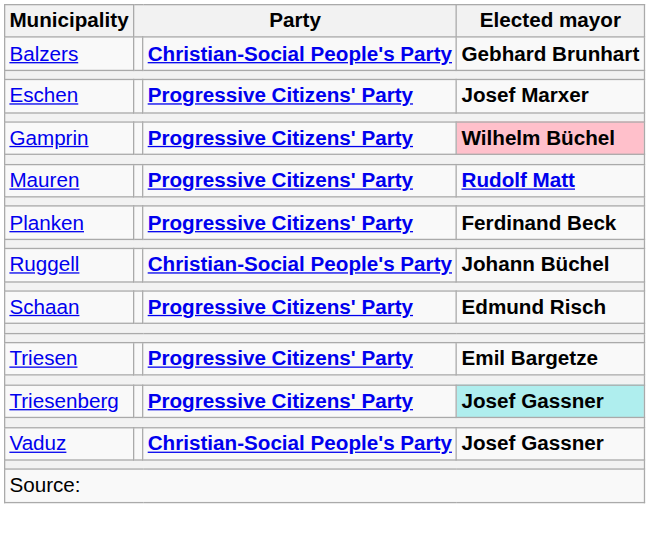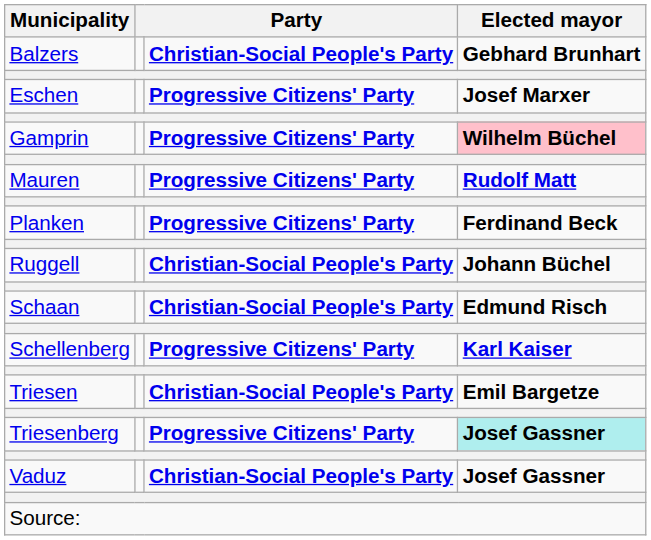 <table class="wikitable" style="text-align:right">
 <tr>
 <th>Municipality</th>
 <th colspan="2">Party</th>
 <th>Elected mayor</th>
 </tr>
 <tr>
 <td align="left"><a href='#'>Balzers</a></td>
 <td style="color:inherit;background:"></td>
 <td align="left"><a href='#'><strong>Christian-Social People's Party</strong></a></td>
 <td align="left"><strong>Gebhard Brunhart</strong></td>
 </tr>
 <tr>
 <th colspan="4"></th>
 </tr>
 <tr>
 <td align="left"><a href='#'>Eschen</a></td>
 <td style="color:inherit;background:"></td>
 <td align="left"><strong><a href='#'>Progressive Citizens' Party</a></strong></td>
 <td align="left"><strong>Josef Marxer</strong></td>
 </tr>
 <tr>
 <th colspan="4"></th>
 </tr>
 <tr>
 <td align="left"><a href='#'>Gamprin</a></td>
 <td style="color:inherit;background:"></td>
 <td align="left"><strong><a href='#'>Progressive Citizens' Party</a></strong></td>
 <td align="left" style="background: pink;"><strong>Wilhelm Büchel</strong></td>
 </tr>
 <tr>
 <th colspan="4"></th>
 </tr>
 <tr>
 <td align="left"><a href='#'>Mauren</a></td>
 <td style="color:inherit;background:"></td>
 <td align="left"><strong><a href='#'>Progressive Citizens' Party</a></strong></td>
 <td align="left"><strong><a href='#'>Rudolf Matt</a></strong></td>
 </tr>
 <tr>
 <th colspan="4"></th>
 </tr>
 <tr>
 <td align="left"><a href='#'>Planken</a></td>
 <td style="color:inherit;background:"></td>
 <td align="left"><strong><a href='#'>Progressive Citizens' Party</a></strong></td>
 <td align="left"><strong>Ferdinand Beck</strong></td>
 </tr>
 <tr>
 <th colspan="4"></th>
 </tr>
 <tr>
 <td align="left"><a href='#'>Ruggell</a></td>
 <td style="color:inherit;background:"></td>
 <td align="left"><a href='#'><strong>Christian-Social People's Party</strong></a></td>
 <td align="left"><strong>Johann Büchel</strong></td>
 </tr>
 <tr>
 <th colspan="4"></th>
 </tr>
 <tr>
 <td align="left"><a href='#'>Schaan</a></td>
 <td style="color:inherit;background:"></td>
-<td align="left"><strong><a href='#'>Progressive Citizens' Party</a></strong></td>
+<td align="left"><a href='#'><strong>Christian-Social People's Party</strong></a></td>
 <td align="left"><strong>Edmund Risch</strong></td>
 </tr>
 <tr>
 <th colspan="4"></th>
+</tr>
+<tr>
+<td align="left"><a href='#'>Schellenberg</a></td>
+<td style="color:inherit;background:"></td>
+<td align="left"><strong><a href='#'>Progressive Citizens' Party</a></strong></td>
+<td align="left"><strong><a href='#'>Karl Kaiser</a></strong></td>
 </tr>
 <tr>
 <th colspan="4"></th>
 </tr>
 <tr>
 <td align="left"><a href='#'>Triesen</a></td>
 <td style="color:inherit;background:"></td>
-<td align="left"><strong><a href='#'>Progressive Citizens' Party</a></strong></td>
+<td align="left"><a href='#'><strong>Christian-Social People's Party</strong></a></td>
 <td align="left"><strong>Emil Bargetze</strong></td>
 </tr>
 <tr>
 <th colspan="4"></th>
 </tr>
 <tr>
 <td align="left"><a href='#'>Triesenberg</a></td>
 <td style="color:inherit;background:"></td>
 <td align="left"><strong><a href='#'>Progressive Citizens' Party</a></strong></td>
 <td align="left" style="background: paleturquoise;"><strong>Josef Gassner</strong></td>
 </tr>
 <tr>
 <th colspan="4"></th>
 </tr>
 <tr>
 <td align="left"><a href='#'>Vaduz</a></td>
 <td style="color:inherit;background:"></td>
 <td align="left"><a href='#'><strong>Christian-Social People's Party</strong></a></td>
 <td align="left"><strong>Josef Gassner</strong></td>
 </tr>
 <tr>
 <th colspan="4"></th>
 </tr>
 <tr>
 <td colspan="4" align="left">Source: </td>
 </tr>
 </table>
